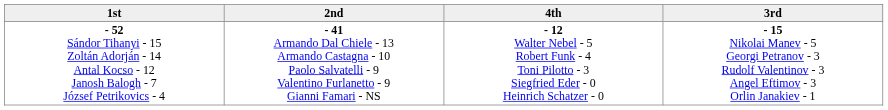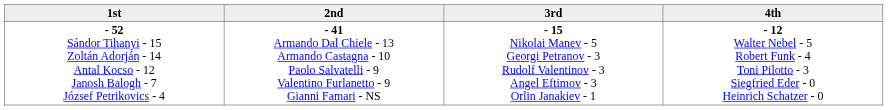 <table border=1 cellpadding=2 cellspacing=0 width=75% style="border-collapse:collapse">
 <tr align=center style="background:#efefef;">
 <th width=20% >1st</th>
 <th width=20% >2nd</th>
+<th width=20% >3rd</th>
 <th width=20%>4th</th>
-<th width=20% >3rd</th>
 </tr>
 <tr align=center>
 <td valign=top ><strong> - 52</strong><br><a href='#'>Sándor Tihanyi</a> - 15 <br><a href='#'>Zoltán Adorján</a> - 14 <br><a href='#'>Antal Kocso</a> - 12 <br><a href='#'>Janosh Balogh</a> - 7 <br><a href='#'>József Petrikovics</a> - 4</td>
 <td valign=top ><strong> - 41</strong><br><a href='#'>Armando Dal Chiele</a> - 13 <br><a href='#'>Armando Castagna</a> - 10 <br><a href='#'>Paolo Salvatelli</a> - 9 <br><a href='#'>Valentino Furlanetto</a> - 9 <br><a href='#'>Gianni Famari</a> - NS</td>
+<td valign=top ><strong> - 15</strong><br><a href='#'>Nikolai Manev</a> - 5 <br><a href='#'>Georgi Petranov</a> - 3 <br><a href='#'>Rudolf Valentinov</a> - 3 <br><a href='#'>Angel Eftimov</a> - 3 <br><a href='#'>Orlin Janakiev</a> - 1</td>
 <td valign=top><strong> - 12</strong><br><a href='#'>Walter Nebel</a> - 5 <br><a href='#'>Robert Funk</a> - 4 <br><a href='#'>Toni Pilotto</a> - 3 <br><a href='#'>Siegfried Eder</a> - 0 <br><a href='#'>Heinrich Schatzer</a> - 0</td>
-<td valign=top ><strong> - 15</strong><br><a href='#'>Nikolai Manev</a> - 5 <br><a href='#'>Georgi Petranov</a> - 3 <br><a href='#'>Rudolf Valentinov</a> - 3 <br><a href='#'>Angel Eftimov</a> - 3 <br><a href='#'>Orlin Janakiev</a> - 1</td>
 </tr>
 </table>
